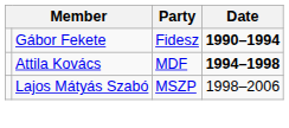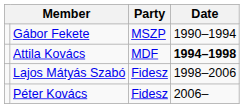 <table class=wikitable>
 <tr>
 <th colspan=2>Member</th>
 <th>Party</th>
 <th>Date</th>
 </tr>
 <tr>
 <td style="background-color:"></td>
 <td><a href='#'>Gábor Fekete</a></td>
-<td><a href='#'>Fidesz</a></td>
-<td><strong>1990–1994</strong></td>
+<td><a href='#'>MSZP</a></td>
+<td>1990–1994</td>
 </tr>
 <tr>
 <td style="background-color:"></td>
 <td><a href='#'>Attila Kovács</a></td>
 <td><a href='#'>MDF</a></td>
 <td><strong>1994–1998</strong></td>
 </tr>
 <tr>
 <td style="background-color:"></td>
 <td><a href='#'>Lajos Mátyás Szabó</a></td>
-<td><a href='#'>MSZP</a></td>
+<td><a href='#'>Fidesz</a></td>
 <td>1998–2006</td>
 </tr>
+<tr>
+<td style="background-color:"></td>
+<td><a href='#'>Péter Kovács</a></td>
+<td><a href='#'>Fidesz</a></td>
+<td>2006–</td>
+</tr>
 </table>
